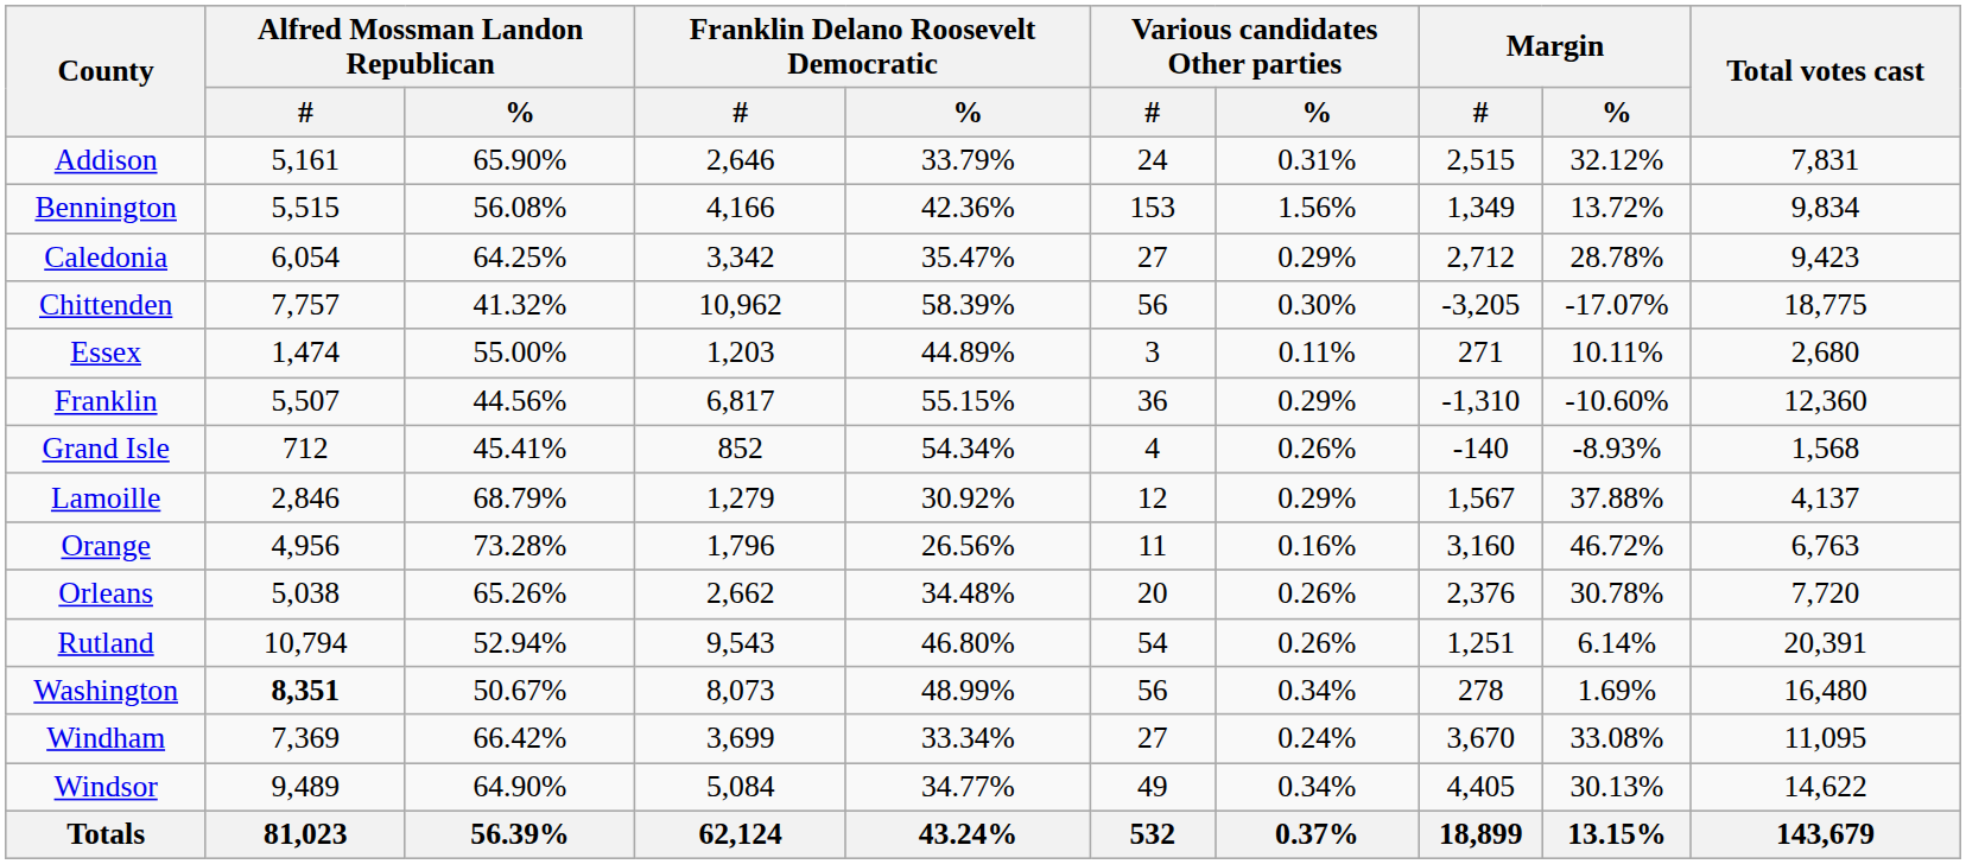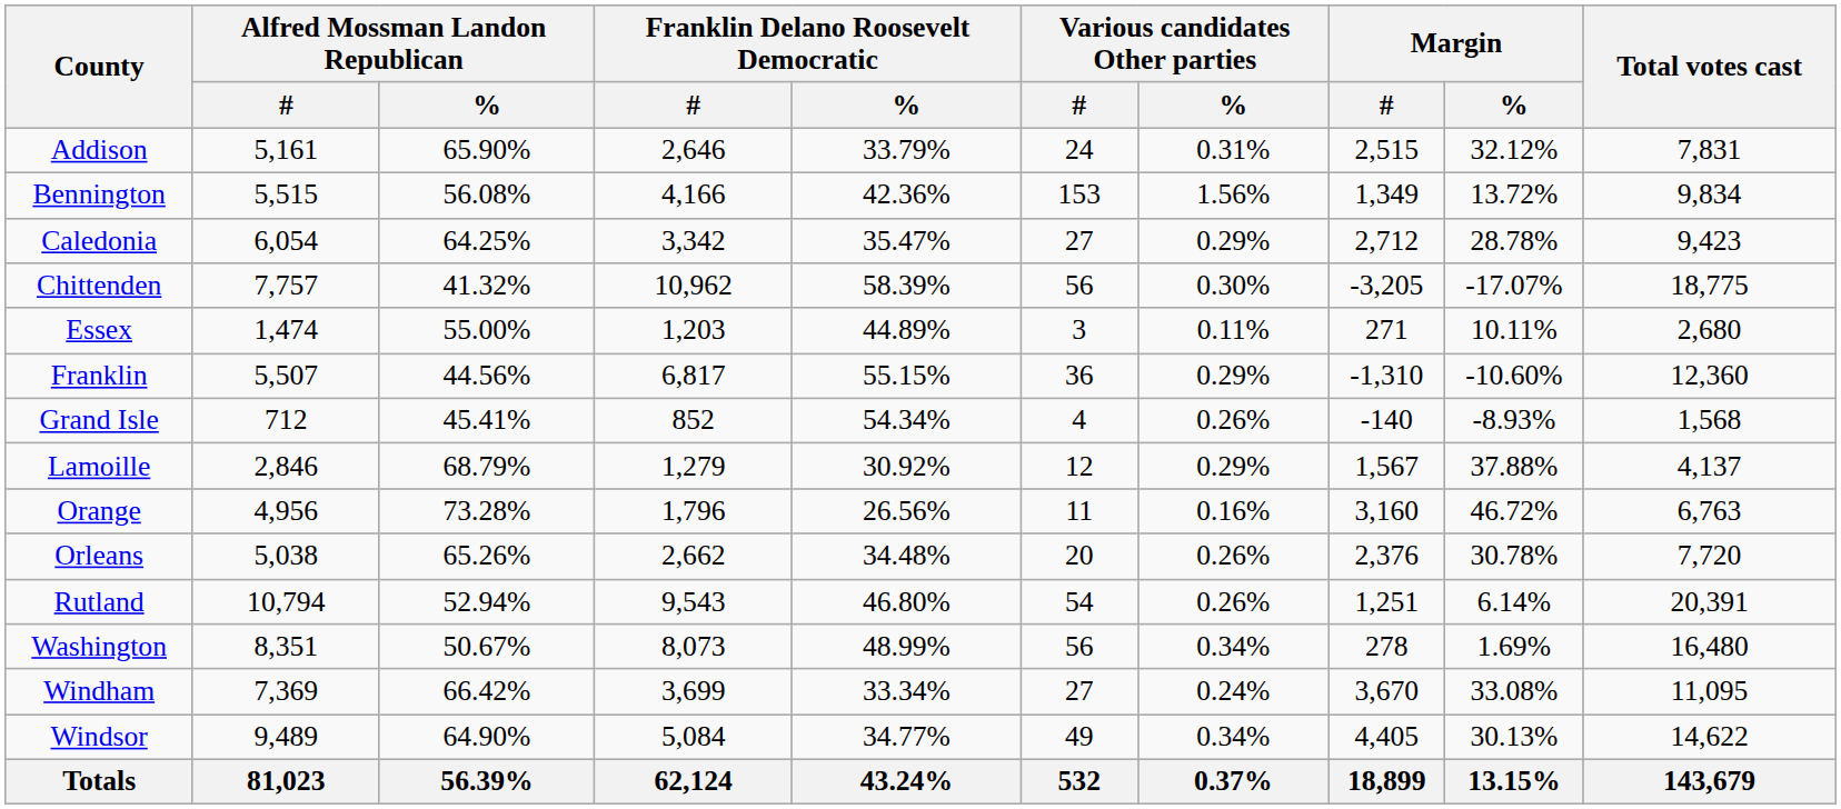 <table width="65%"  class="wikitable sortable" style="text-align:center">
 <tr>
 <th colspan="1" rowspan="2">County</th>
 <th style="text-align:center;" colspan="2">Alfred Mossman Landon<br>Republican</th>
 <th style="text-align:center;" colspan="2">Franklin Delano Roosevelt<br>Democratic</th>
 <th style="text-align:center;" colspan="2">Various candidates<br>Other parties</th>
 <th style="text-align:center;" colspan="2">Margin</th>
 <th colspan="1" rowspan="2" style="text-align:center;">Total votes cast</th>
 </tr>
 <tr>
 <th style="text-align:center;" data-sort-type="number">#</th>
 <th style="text-align:center;" data-sort-type="number">%</th>
 <th style="text-align:center;" data-sort-type="number">#</th>
 <th style="text-align:center;" data-sort-type="number">%</th>
 <th style="text-align:center;" data-sort-type="number">#</th>
 <th style="text-align:center;" data-sort-type="number">%</th>
 <th style="text-align:center;" data-sort-type="number">#</th>
 <th style="text-align:center;" data-sort-type="number">%</th>
 </tr>
 <tr style="text-align:center;">
 <td><a href='#'>Addison</a></td>
 <td>5,161</td>
 <td>65.90%</td>
 <td>2,646</td>
 <td>33.79%</td>
 <td>24</td>
 <td>0.31%</td>
 <td>2,515</td>
 <td>32.12%</td>
 <td>7,831</td>
 </tr>
 <tr style="text-align:center;">
 <td><a href='#'>Bennington</a></td>
 <td>5,515</td>
 <td>56.08%</td>
 <td>4,166</td>
 <td>42.36%</td>
 <td>153</td>
 <td>1.56%</td>
 <td>1,349</td>
 <td>13.72%</td>
 <td>9,834</td>
 </tr>
 <tr style="text-align:center;">
 <td><a href='#'>Caledonia</a></td>
 <td>6,054</td>
 <td>64.25%</td>
 <td>3,342</td>
 <td>35.47%</td>
 <td>27</td>
 <td>0.29%</td>
 <td>2,712</td>
 <td>28.78%</td>
 <td>9,423</td>
 </tr>
 <tr style="text-align:center;">
 <td><a href='#'>Chittenden</a></td>
 <td>7,757</td>
 <td>41.32%</td>
 <td>10,962</td>
 <td>58.39%</td>
 <td>56</td>
 <td>0.30%</td>
 <td>-3,205</td>
 <td>-17.07%</td>
 <td>18,775</td>
 </tr>
 <tr style="text-align:center;">
 <td><a href='#'>Essex</a></td>
 <td>1,474</td>
 <td>55.00%</td>
 <td>1,203</td>
 <td>44.89%</td>
 <td>3</td>
 <td>0.11%</td>
 <td>271</td>
 <td>10.11%</td>
 <td>2,680</td>
 </tr>
 <tr style="text-align:center;">
 <td><a href='#'>Franklin</a></td>
 <td>5,507</td>
 <td>44.56%</td>
 <td>6,817</td>
 <td>55.15%</td>
 <td>36</td>
 <td>0.29%</td>
 <td>-1,310</td>
 <td>-10.60%</td>
 <td>12,360</td>
 </tr>
 <tr style="text-align:center;">
 <td><a href='#'>Grand Isle</a></td>
 <td>712</td>
 <td>45.41%</td>
 <td>852</td>
 <td>54.34%</td>
 <td>4</td>
 <td>0.26%</td>
 <td>-140</td>
 <td>-8.93%</td>
 <td>1,568</td>
 </tr>
 <tr style="text-align:center;">
 <td><a href='#'>Lamoille</a></td>
 <td>2,846</td>
 <td>68.79%</td>
 <td>1,279</td>
 <td>30.92%</td>
 <td>12</td>
 <td>0.29%</td>
 <td>1,567</td>
 <td>37.88%</td>
 <td>4,137</td>
 </tr>
 <tr style="text-align:center;">
 <td><a href='#'>Orange</a></td>
 <td>4,956</td>
 <td>73.28%</td>
 <td>1,796</td>
 <td>26.56%</td>
 <td>11</td>
 <td>0.16%</td>
 <td>3,160</td>
 <td>46.72%</td>
 <td>6,763</td>
 </tr>
 <tr style="text-align:center;">
 <td><a href='#'>Orleans</a></td>
 <td>5,038</td>
 <td>65.26%</td>
 <td>2,662</td>
 <td>34.48%</td>
 <td>20</td>
 <td>0.26%</td>
 <td>2,376</td>
 <td>30.78%</td>
 <td>7,720</td>
 </tr>
 <tr style="text-align:center;">
 <td><a href='#'>Rutland</a></td>
 <td>10,794</td>
 <td>52.94%</td>
 <td>9,543</td>
 <td>46.80%</td>
 <td>54</td>
 <td>0.26%</td>
 <td>1,251</td>
 <td>6.14%</td>
 <td>20,391</td>
 </tr>
 <tr style="text-align:center;">
 <td><a href='#'>Washington</a></td>
-<td><strong>8,351</strong></td>
+<td>8,351</td>
 <td>50.67%</td>
 <td>8,073</td>
 <td>48.99%</td>
 <td>56</td>
 <td>0.34%</td>
 <td>278</td>
 <td>1.69%</td>
 <td>16,480</td>
 </tr>
 <tr style="text-align:center;">
 <td><a href='#'>Windham</a></td>
 <td>7,369</td>
 <td>66.42%</td>
 <td>3,699</td>
 <td>33.34%</td>
 <td>27</td>
 <td>0.24%</td>
 <td>3,670</td>
 <td>33.08%</td>
 <td>11,095</td>
 </tr>
 <tr style="text-align:center;">
 <td><a href='#'>Windsor</a></td>
 <td>9,489</td>
 <td>64.90%</td>
 <td>5,084</td>
 <td>34.77%</td>
 <td>49</td>
 <td>0.34%</td>
 <td>4,405</td>
 <td>30.13%</td>
 <td>14,622</td>
 </tr>
 <tr style="text-align:center;">
 <th>Totals</th>
 <th>81,023</th>
 <th>56.39%</th>
 <th>62,124</th>
 <th>43.24%</th>
 <th>532</th>
 <th>0.37%</th>
 <th>18,899</th>
 <th>13.15%</th>
 <th>143,679</th>
 </tr>
 </table>
